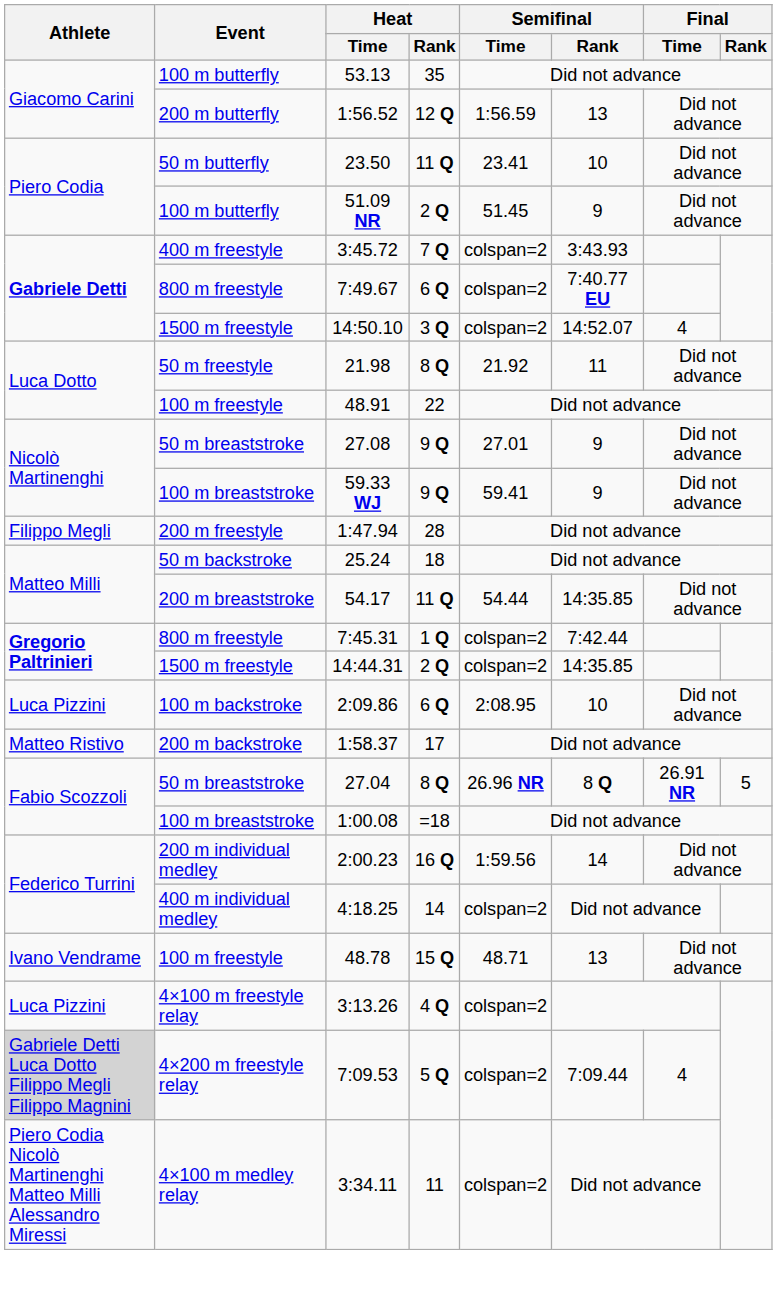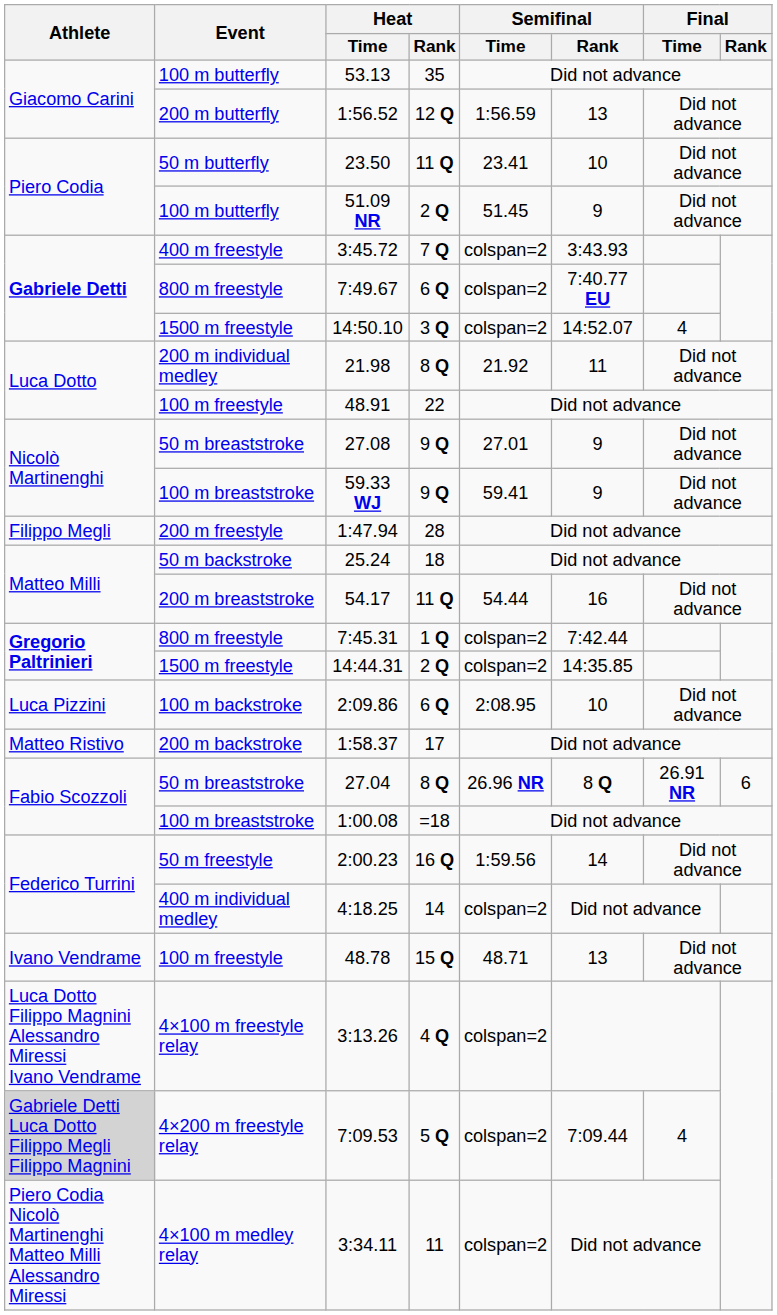 <table class=wikitable style="font-size:90%">
 <tr>
 <th rowspan="2">Athlete</th>
 <th rowspan="2">Event</th>
 <th colspan="2">Heat</th>
 <th colspan="2">Semifinal</th>
 <th colspan="2">Final</th>
 </tr>
 <tr style="font-size:95%">
 <th>Time</th>
 <th>Rank</th>
 <th>Time</th>
 <th>Rank</th>
 <th>Time</th>
 <th>Rank</th>
 </tr>
 <tr align=center>
 <td align=left rowspan=2><a href='#'>Giacomo Carini</a></td>
 <td align=left><a href='#'>100 m butterfly</a></td>
 <td>53.13</td>
 <td>35</td>
 <td colspan=4>Did not advance</td>
 </tr>
 <tr align=center>
 <td align=left><a href='#'>200 m butterfly</a></td>
 <td>1:56.52</td>
 <td>12 <strong>Q</strong></td>
 <td>1:56.59</td>
 <td>13</td>
 <td colspan=2>Did not advance</td>
 </tr>
 <tr align=center>
 <td align=left rowspan=2><a href='#'>Piero Codia</a></td>
 <td align=left><a href='#'>50 m butterfly</a></td>
 <td>23.50</td>
 <td>11 <strong>Q</strong></td>
 <td>23.41</td>
 <td>10</td>
 <td colspan=2>Did not advance</td>
 </tr>
 <tr align=center>
 <td align=left><a href='#'>100 m butterfly</a></td>
 <td>51.09 <strong><a href='#'>NR</a></strong></td>
 <td>2 <strong>Q</strong></td>
 <td>51.45</td>
 <td>9</td>
 <td colspan=2>Did not advance</td>
 </tr>
 <tr align=center>
 <td align=left rowspan=3><strong><a href='#'>Gabriele Detti</a></strong></td>
 <td align=left><a href='#'>400 m freestyle</a></td>
 <td>3:45.72</td>
 <td>7 <strong>Q</strong></td>
 <td>colspan=2 </td>
 <td>3:43.93</td>
 <td></td>
 </tr>
 <tr align=center>
 <td align=left><a href='#'>800 m freestyle</a></td>
 <td>7:49.67</td>
 <td>6 <strong>Q</strong></td>
 <td>colspan=2 </td>
 <td>7:40.77 <strong><a href='#'>EU</a></strong></td>
 <td></td>
 </tr>
 <tr align=center>
 <td align=left><a href='#'>1500 m freestyle</a></td>
 <td>14:50.10</td>
 <td>3 <strong>Q</strong></td>
 <td>colspan=2 </td>
 <td>14:52.07</td>
 <td>4</td>
 </tr>
 <tr align=center>
 <td align=left rowspan=2><a href='#'>Luca Dotto</a></td>
-<td align=left><a href='#'>50 m freestyle</a></td>
+<td align=left><a href='#'>200 m individual medley</a></td>
 <td>21.98</td>
 <td>8 <strong>Q</strong></td>
 <td>21.92</td>
 <td>11</td>
 <td colspan=2>Did not advance</td>
 </tr>
 <tr align=center>
 <td align=left><a href='#'>100 m freestyle</a></td>
 <td>48.91</td>
 <td>22</td>
 <td colspan=4>Did not advance</td>
 </tr>
 <tr align=center>
 <td align=left rowspan=2><a href='#'>Nicolò Martinenghi</a></td>
 <td align=left><a href='#'>50 m breaststroke</a></td>
 <td>27.08</td>
 <td>9 <strong>Q</strong></td>
 <td>27.01</td>
 <td>9</td>
 <td colspan=2>Did not advance</td>
 </tr>
 <tr align=center>
 <td align=left><a href='#'>100 m breaststroke</a></td>
 <td>59.33 <strong><a href='#'>WJ</a></strong></td>
 <td>9 <strong>Q</strong></td>
 <td>59.41</td>
 <td>9</td>
 <td colspan=2>Did not advance</td>
 </tr>
 <tr align=center>
 <td align=left><a href='#'>Filippo Megli</a></td>
 <td align=left><a href='#'>200 m freestyle</a></td>
 <td>1:47.94</td>
 <td>28</td>
 <td colspan=4>Did not advance</td>
 </tr>
 <tr align=center>
 <td align=left rowspan=2><a href='#'>Matteo Milli</a></td>
 <td align=left><a href='#'>50 m backstroke</a></td>
 <td>25.24</td>
 <td>18</td>
 <td colspan="4">Did not advance</td>
 </tr>
 <tr align=center>
 <td align=left><a href='#'>200 m breaststroke</a></td>
 <td>54.17</td>
 <td>11 <strong>Q</strong></td>
 <td>54.44</td>
-<td>14:35.85</td>
+<td>16</td>
 <td colspan=2>Did not advance</td>
 </tr>
 <tr align=center>
 <td align=left rowspan=2><strong><a href='#'>Gregorio Paltrinieri</a></strong></td>
 <td align=left><a href='#'>800 m freestyle</a></td>
 <td>7:45.31</td>
 <td>1 <strong>Q</strong></td>
 <td>colspan=2 </td>
 <td>7:42.44</td>
 <td></td>
 </tr>
 <tr align=center>
 <td align=left><a href='#'>1500 m freestyle</a></td>
 <td>14:44.31</td>
 <td>2 <strong>Q</strong></td>
 <td>colspan=2 </td>
 <td>14:35.85</td>
 <td></td>
 </tr>
 <tr align=center>
 <td align=left><a href='#'>Luca Pizzini</a></td>
 <td align=left><a href='#'>100 m backstroke</a></td>
 <td>2:09.86</td>
 <td>6 <strong>Q</strong></td>
 <td>2:08.95</td>
 <td>10</td>
 <td colspan=2>Did not advance</td>
 </tr>
 <tr align=center>
 <td align=left><a href='#'>Matteo Ristivo</a></td>
 <td align=left><a href='#'>200 m backstroke</a></td>
 <td>1:58.37</td>
 <td>17</td>
 <td colspan=4>Did not advance</td>
 </tr>
 <tr align=center>
 <td align=left rowspan=2><a href='#'>Fabio Scozzoli</a></td>
 <td align=left><a href='#'>50 m breaststroke</a></td>
 <td>27.04</td>
 <td>8 <strong>Q</strong></td>
 <td>26.96 <strong><a href='#'>NR</a></strong></td>
 <td>8 <strong>Q</strong></td>
 <td>26.91 <strong><a href='#'>NR</a></strong></td>
-<td>5</td>
+<td>6</td>
 </tr>
 <tr align=center>
 <td align=left><a href='#'>100 m breaststroke</a></td>
 <td>1:00.08</td>
 <td>=18</td>
 <td colspan=4>Did not advance</td>
 </tr>
 <tr align=center>
 <td align=left rowspan=2><a href='#'>Federico Turrini</a></td>
-<td align=left><a href='#'>200 m individual medley</a></td>
+<td align=left><a href='#'>50 m freestyle</a></td>
 <td>2:00.23</td>
 <td>16 <strong>Q</strong></td>
 <td>1:59.56</td>
 <td>14</td>
 <td colspan=2>Did not advance</td>
 </tr>
 <tr align=center>
 <td align=left><a href='#'>400 m individual medley</a></td>
 <td>4:18.25</td>
 <td>14</td>
 <td>colspan=2 </td>
 <td colspan="2">Did not advance</td>
 </tr>
 <tr align=center>
 <td align=left><a href='#'>Ivano Vendrame</a></td>
 <td align=left><a href='#'>100 m freestyle</a></td>
 <td>48.78</td>
 <td>15 <strong>Q</strong></td>
 <td>48.71</td>
 <td>13</td>
 <td colspan=2>Did not advance</td>
 </tr>
 <tr align=center>
-<td align=left><a href='#'>Luca Pizzini</a></td>
+<td align=left><a href='#'>Luca Dotto</a><br><a href='#'>Filippo Magnini</a><br><a href='#'>Alessandro Miressi</a><br><a href='#'>Ivano Vendrame</a></td>
 <td align=left><a href='#'>4×100 m freestyle relay</a></td>
 <td>3:13.26</td>
 <td>4 <strong>Q</strong></td>
 <td>colspan=2 </td>
 <td colspan=2></td>
 </tr>
 <tr align=center>
 <td align=left style="background: lightgrey;"><a href='#'>Gabriele Detti</a><br><a href='#'>Luca Dotto</a><br><a href='#'>Filippo Megli</a><br><a href='#'>Filippo Magnini</a></td>
 <td align=left><a href='#'>4×200 m freestyle relay</a></td>
 <td>7:09.53</td>
 <td>5 <strong>Q</strong></td>
 <td>colspan=2 </td>
 <td>7:09.44</td>
 <td>4</td>
 </tr>
 <tr align=center>
 <td align=left><a href='#'>Piero Codia</a><br><a href='#'>Nicolò Martinenghi</a><br><a href='#'>Matteo Milli</a><br><a href='#'>Alessandro Miressi</a></td>
 <td align=left><a href='#'>4×100 m medley relay</a></td>
 <td>3:34.11</td>
 <td>11</td>
 <td>colspan=2 </td>
 <td colspan="2">Did not advance</td>
 </tr>
 </table>
